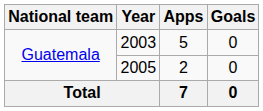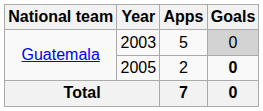 <table class="wikitable" style="text-align:center">
 <tr>
 <th>National team</th>
 <th>Year</th>
 <th>Apps</th>
 <th>Goals</th>
 </tr>
 <tr>
 <td rowspan="2"><a href='#'>Guatemala</a></td>
 <td>2003</td>
 <td>5</td>
-<td>0</td>
+<td style="background: lightgrey;">0</td>
 </tr>
 <tr>
 <td>2005</td>
 <td>2</td>
-<td>0</td>
+<td><strong>0</strong></td>
 </tr>
 <tr>
 <th colspan=2>Total</th>
 <th>7</th>
 <th>0</th>
 </tr>
 </table>
